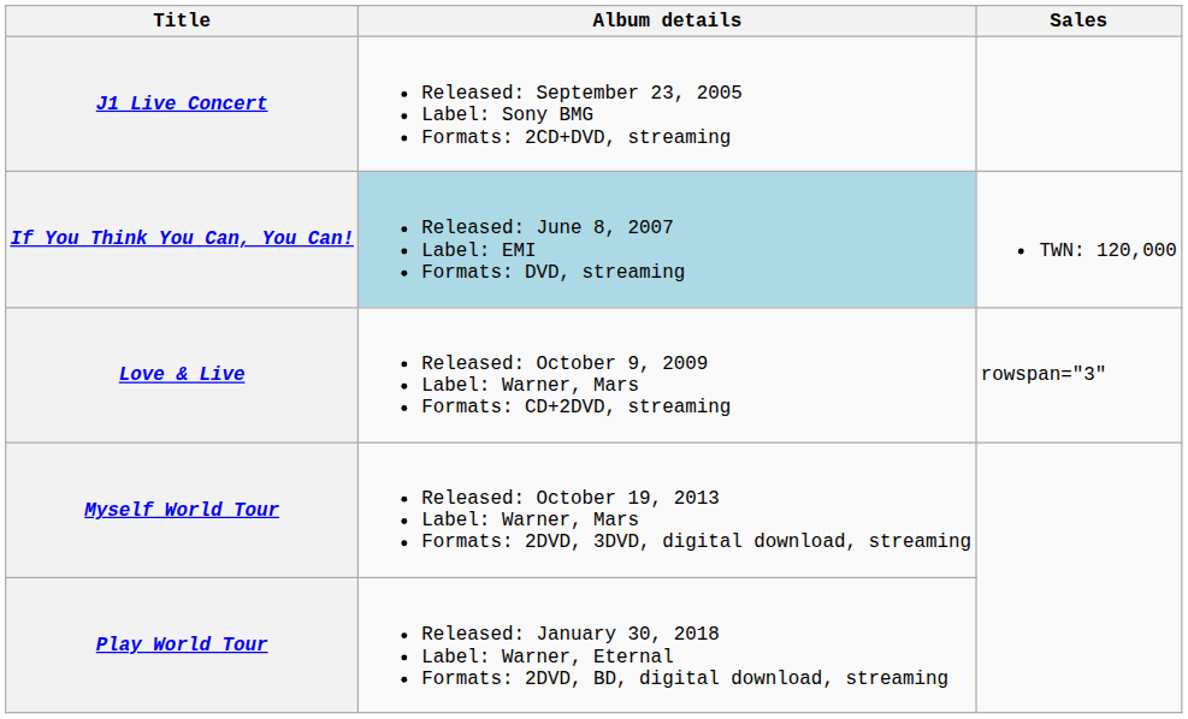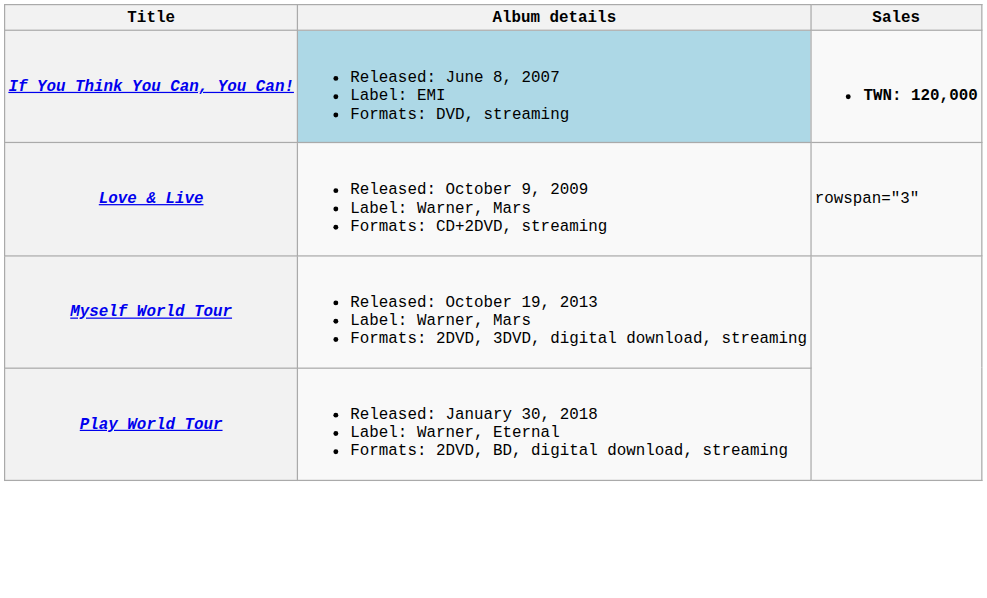 <table class="wikitable plainrowheaders">
 <tr>
 <th scope="col">Title</th>
 <th scope="col">Album details</th>
 <th scope="col">Sales</th>
 </tr>
 <tr>
-<th scope="row"><em><a href='#'>J1 Live Concert</a></em></th>
-<td><br><ul><li>Released: September 23, 2005</li><li>Label: Sony BMG</li><li>Formats: 2CD+DVD, streaming</li></ul></td>
-<td></td>
-</tr>
-<tr>
 <th scope="row"><em><a href='#'>If You Think You Can, You Can!</a></em></th>
 <td style="background: lightblue;"><br><ul><li>Released: June 8, 2007</li><li>Label: EMI</li><li>Formats: DVD, streaming</li></ul></td>
-<td><br><ul><li>TWN: 120,000</li></ul></td>
+<td><strong><br><ul><li>TWN: 120,000</li></ul></strong></td>
 </tr>
 <tr>
 <th scope="row"><em><a href='#'>Love & Live</a></em></th>
 <td><br><ul><li>Released: October 9, 2009</li><li>Label: Warner, Mars</li><li>Formats: CD+2DVD, streaming</li></ul></td>
 <td>rowspan="3" </td>
 </tr>
 <tr>
 <th scope="row"><em><a href='#'>Myself World Tour</a></em></th>
 <td><br><ul><li>Released: October 19, 2013</li><li>Label: Warner, Mars</li><li>Formats: 2DVD, 3DVD, digital download, streaming</li></ul></td>
 </tr>
 <tr>
 <th scope="row"><em><a href='#'>Play World Tour</a></em></th>
 <td><br><ul><li>Released: January 30, 2018</li><li>Label: Warner, Eternal</li><li>Formats: 2DVD, BD, digital download, streaming</li></ul></td>
 </tr>
 </table>
